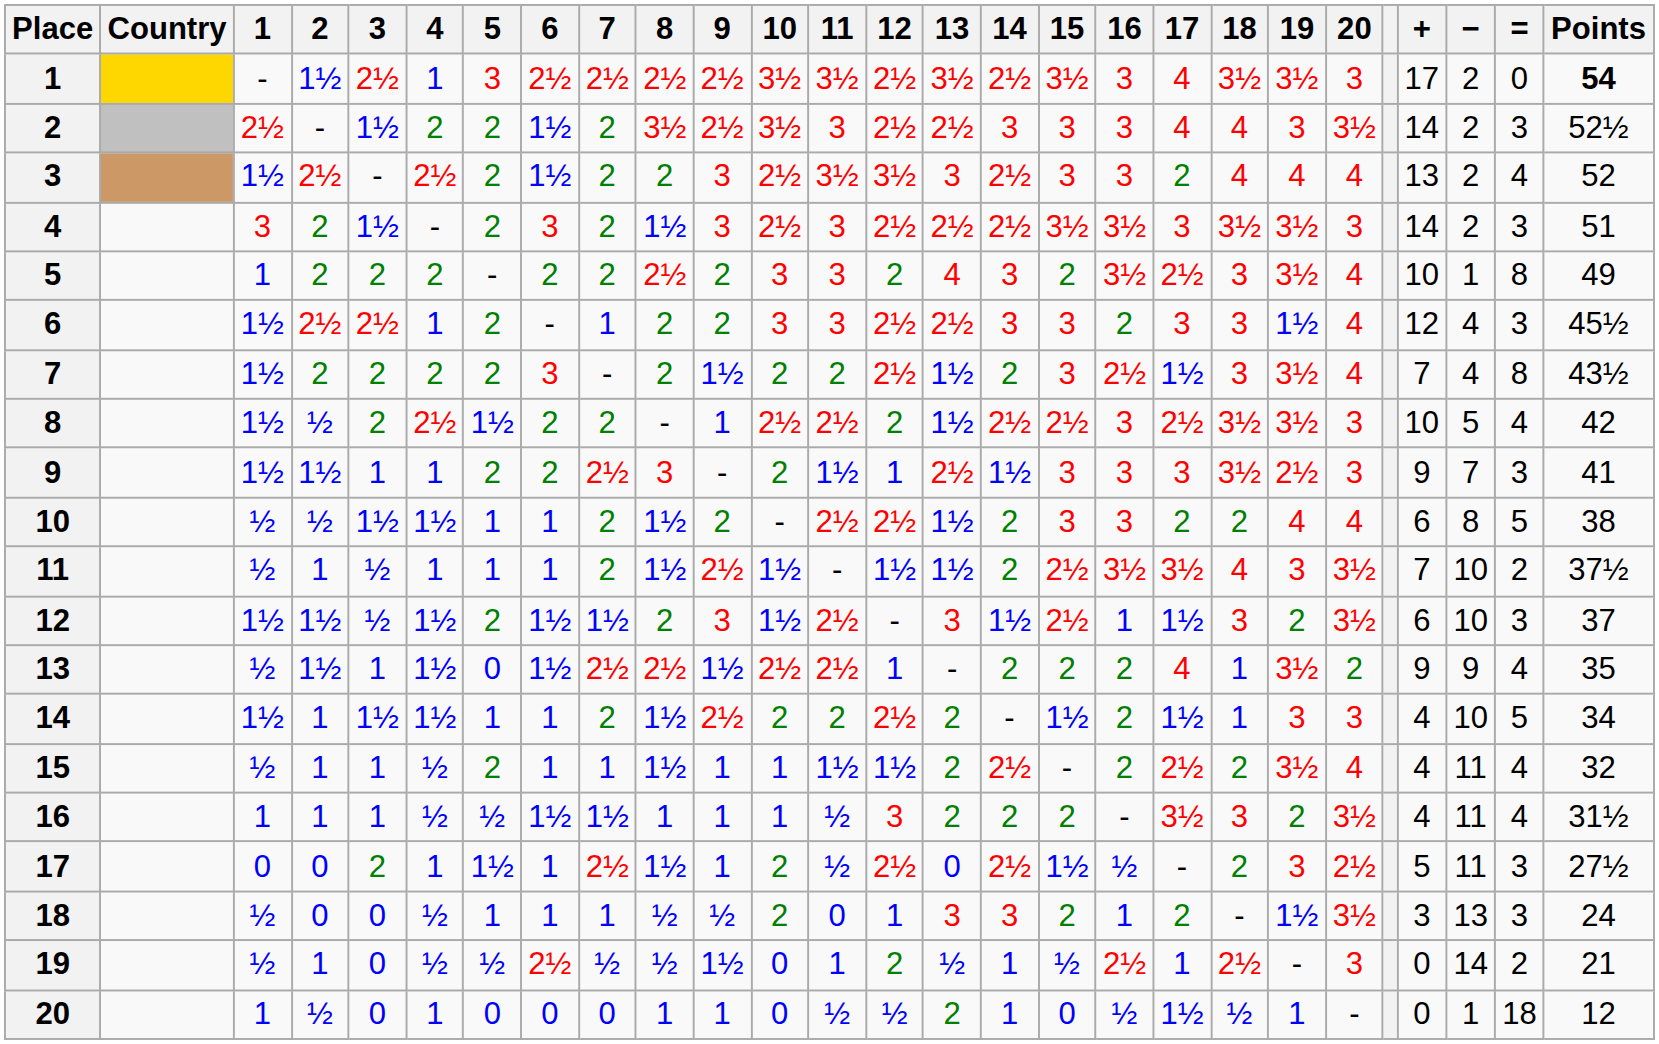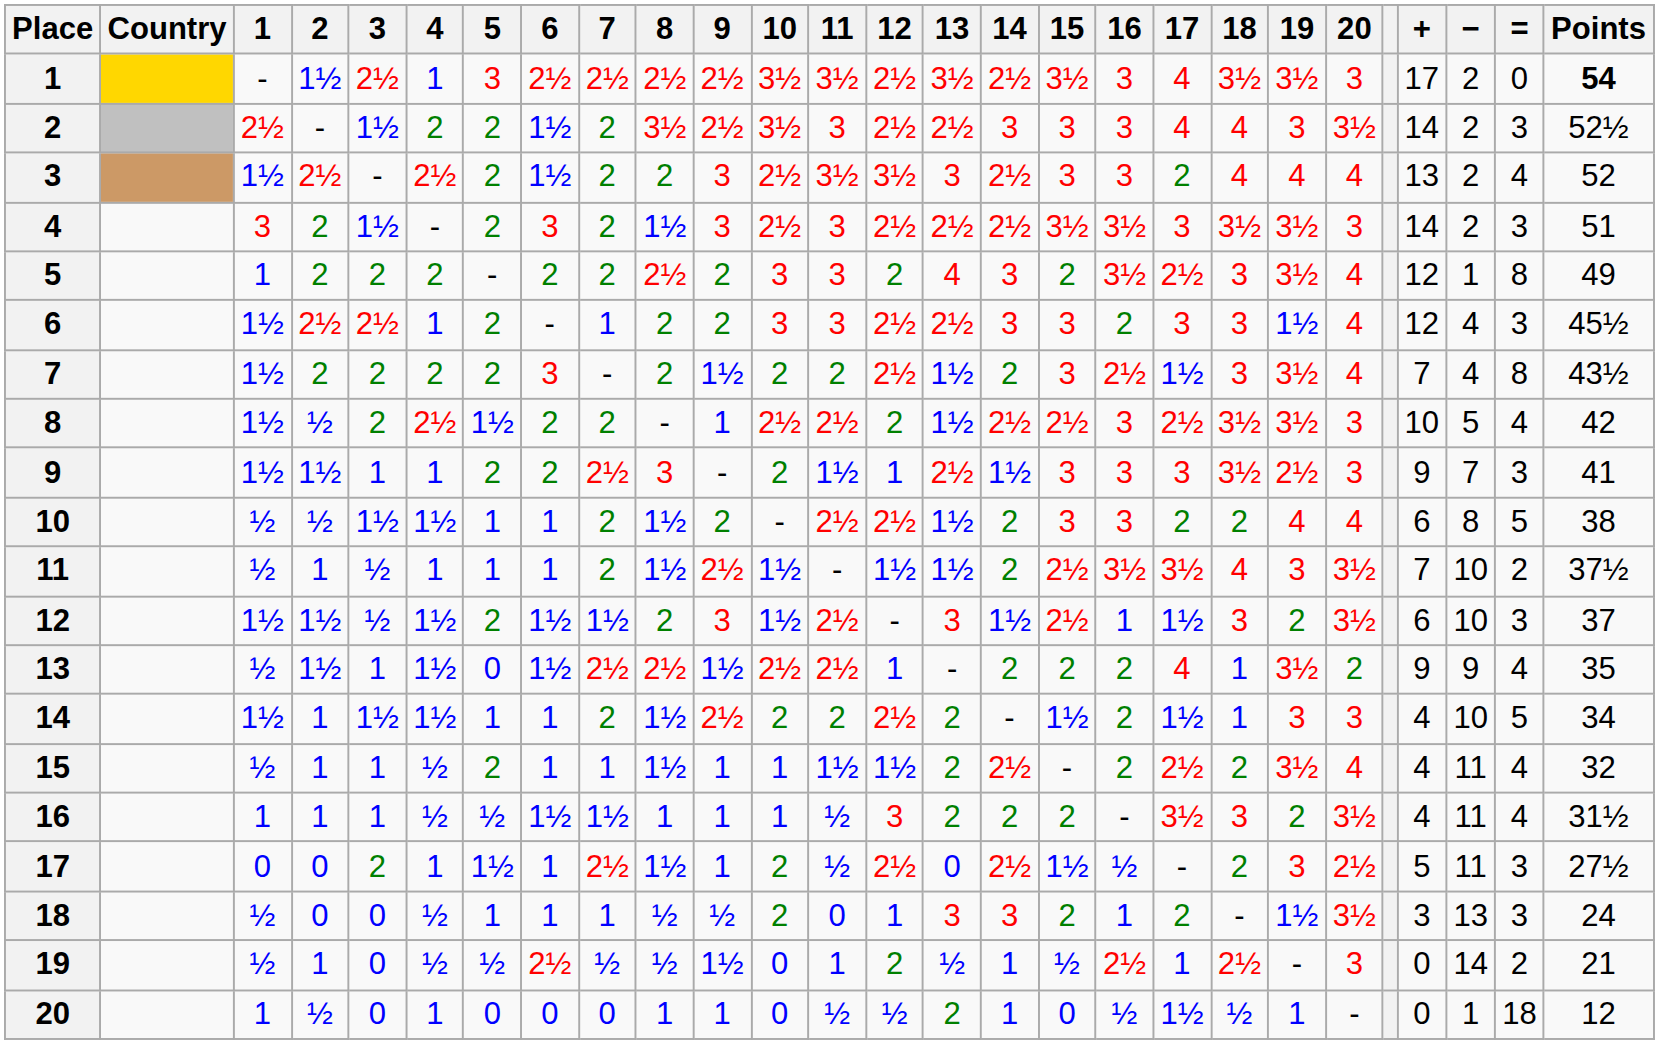 <table class="wikitable" style="text-align:center">
 <tr>
 <th>Place</th>
 <th>Country</th>
 <th>1</th>
 <th>2</th>
 <th>3</th>
 <th>4</th>
 <th>5</th>
 <th>6</th>
 <th>7</th>
 <th>8</th>
 <th>9</th>
 <th>10</th>
 <th>11</th>
 <th>12</th>
 <th>13</th>
 <th>14</th>
 <th>15</th>
 <th>16</th>
 <th>17</th>
 <th>18</th>
 <th>19</th>
 <th>20</th>
 <th></th>
 <th>+</th>
 <th>−</th>
 <th>=</th>
 <th>Points</th>
 </tr>
 <tr>
 <th>1</th>
 <td align=left bgcolor="gold"></td>
 <td>-</td>
 <td style="color: blue;">1½</td>
 <td style="color: red;">2½</td>
 <td style="color: blue;">1</td>
 <td style="color: red;">3</td>
 <td style="color: red;">2½</td>
 <td style="color: red;">2½</td>
 <td style="color: red;">2½</td>
 <td style="color: red;">2½</td>
 <td style="color: red;">3½</td>
 <td style="color: red;">3½</td>
 <td style="color: red;">2½</td>
 <td style="color: red;">3½</td>
 <td style="color: red;">2½</td>
 <td style="color: red;">3½</td>
 <td style="color: red;">3</td>
 <td style="color: red;">4</td>
 <td style="color: red;">3½</td>
 <td style="color: red;">3½</td>
 <td style="color: red;">3</td>
 <th></th>
 <td>17</td>
 <td>2</td>
 <td>0</td>
 <td><strong>54</strong></td>
 </tr>
 <tr>
 <th>2</th>
 <td align=left bgcolor="silver"></td>
 <td style="color: red;">2½</td>
 <td>-</td>
 <td style="color: blue;">1½</td>
 <td style="color: green">2</td>
 <td style="color: green">2</td>
 <td style="color: blue;">1½</td>
 <td style="color: green">2</td>
 <td style="color: red;">3½</td>
 <td style="color: red;">2½</td>
 <td style="color: red;">3½</td>
 <td style="color: red;">3</td>
 <td style="color: red;">2½</td>
 <td style="color: red;">2½</td>
 <td style="color: red;">3</td>
 <td style="color: red;">3</td>
 <td style="color: red;">3</td>
 <td style="color: red;">4</td>
 <td style="color: red;">4</td>
 <td style="color: red;">3</td>
 <td style="color: red;">3½</td>
 <th></th>
 <td>14</td>
 <td>2</td>
 <td>3</td>
 <td>52½</td>
 </tr>
 <tr>
 <th>3</th>
 <td align=left bgcolor="CC9966"></td>
 <td style="color: blue;">1½</td>
 <td style="color: red;">2½</td>
 <td>-</td>
 <td style="color: red;">2½</td>
 <td style="color: green">2</td>
 <td style="color: blue;">1½</td>
 <td style="color: green">2</td>
 <td style="color: green">2</td>
 <td style="color: red;">3</td>
 <td style="color: red;">2½</td>
 <td style="color: red;">3½</td>
 <td style="color: red;">3½</td>
 <td style="color: red;">3</td>
 <td style="color: red;">2½</td>
 <td style="color: red;">3</td>
 <td style="color: red;">3</td>
 <td style="color: green">2</td>
 <td style="color: red;">4</td>
 <td style="color: red;">4</td>
 <td style="color: red;">4</td>
 <th></th>
 <td>13</td>
 <td>2</td>
 <td>4</td>
 <td>52</td>
 </tr>
 <tr>
 <th>4</th>
 <td align=left></td>
 <td style="color: red;">3</td>
 <td style="color: green">2</td>
 <td style="color: blue;">1½</td>
 <td>-</td>
 <td style="color: green">2</td>
 <td style="color: red;">3</td>
 <td style="color: green">2</td>
 <td style="color: blue;">1½</td>
 <td style="color: red;">3</td>
 <td style="color: red;">2½</td>
 <td style="color: red;">3</td>
 <td style="color: red;">2½</td>
 <td style="color: red;">2½</td>
 <td style="color: red;">2½</td>
 <td style="color: red;">3½</td>
 <td style="color: red;">3½</td>
 <td style="color: red;">3</td>
 <td style="color: red;">3½</td>
 <td style="color: red;">3½</td>
 <td style="color: red;">3</td>
 <th></th>
 <td>14</td>
 <td>2</td>
 <td>3</td>
 <td>51</td>
 </tr>
 <tr>
 <th>5</th>
 <td align=left></td>
 <td style="color: blue;">1</td>
 <td style="color: green">2</td>
 <td style="color: green">2</td>
 <td style="color: green">2</td>
 <td>-</td>
 <td style="color: green">2</td>
 <td style="color: green">2</td>
 <td style="color: red;">2½</td>
 <td style="color: green">2</td>
 <td style="color: red;">3</td>
 <td style="color: red;">3</td>
 <td style="color: green">2</td>
 <td style="color: red;">4</td>
 <td style="color: red;">3</td>
 <td style="color: green">2</td>
 <td style="color: red;">3½</td>
 <td style="color: red;">2½</td>
 <td style="color: red;">3</td>
 <td style="color: red;">3½</td>
 <td style="color: red;">4</td>
 <th></th>
-<td>10</td>
+<td>12</td>
 <td>1</td>
 <td>8</td>
 <td>49</td>
 </tr>
 <tr>
 <th>6</th>
 <td align=left></td>
 <td style="color: blue;">1½</td>
 <td style="color: red;">2½</td>
 <td style="color: red;">2½</td>
 <td style="color: blue;">1</td>
 <td style="color: green">2</td>
 <td>-</td>
 <td style="color: blue;">1</td>
 <td style="color: green">2</td>
 <td style="color: green">2</td>
 <td style="color: red;">3</td>
 <td style="color: red;">3</td>
 <td style="color: red;">2½</td>
 <td style="color: red;">2½</td>
 <td style="color: red;">3</td>
 <td style="color: red;">3</td>
 <td style="color: green">2</td>
 <td style="color: red;">3</td>
 <td style="color: red;">3</td>
 <td style="color: blue;">1½</td>
 <td style="color: red;">4</td>
 <th></th>
 <td>12</td>
 <td>4</td>
 <td>3</td>
 <td>45½</td>
 </tr>
 <tr>
 <th>7</th>
 <td align=left></td>
 <td style="color: blue;">1½</td>
 <td style="color: green">2</td>
 <td style="color: green">2</td>
 <td style="color: green">2</td>
 <td style="color: green">2</td>
 <td style="color: red;">3</td>
 <td>-</td>
 <td style="color: green">2</td>
 <td style="color: blue;">1½</td>
 <td style="color: green">2</td>
 <td style="color: green">2</td>
 <td style="color: red;">2½</td>
 <td style="color: blue;">1½</td>
 <td style="color: green">2</td>
 <td style="color: red;">3</td>
 <td style="color: red;">2½</td>
 <td style="color: blue;">1½</td>
 <td style="color: red;">3</td>
 <td style="color: red;">3½</td>
 <td style="color: red;">4</td>
 <th></th>
 <td>7</td>
 <td>4</td>
 <td>8</td>
 <td>43½</td>
 </tr>
 <tr>
 <th>8</th>
 <td align=left></td>
 <td style="color: blue;">1½</td>
 <td style="color: blue;">½</td>
 <td style="color: green">2</td>
 <td style="color: red;">2½</td>
 <td style="color: blue;">1½</td>
 <td style="color: green">2</td>
 <td style="color: green">2</td>
 <td>-</td>
 <td style="color: blue;">1</td>
 <td style="color: red;">2½</td>
 <td style="color: red;">2½</td>
 <td style="color: green">2</td>
 <td style="color: blue;">1½</td>
 <td style="color: red;">2½</td>
 <td style="color: red;">2½</td>
 <td style="color: red;">3</td>
 <td style="color: red;">2½</td>
 <td style="color: red;">3½</td>
 <td style="color: red;">3½</td>
 <td style="color: red;">3</td>
 <th></th>
 <td>10</td>
 <td>5</td>
 <td>4</td>
 <td>42</td>
 </tr>
 <tr>
 <th>9</th>
 <td align=left></td>
 <td style="color: blue;">1½</td>
 <td style="color: blue;">1½</td>
 <td style="color: blue;">1</td>
 <td style="color: blue;">1</td>
 <td style="color: green">2</td>
 <td style="color: green">2</td>
 <td style="color: red;">2½</td>
 <td style="color: red;">3</td>
 <td>-</td>
 <td style="color: green">2</td>
 <td style="color: blue;">1½</td>
 <td style="color: blue;">1</td>
 <td style="color: red;">2½</td>
 <td style="color: blue;">1½</td>
 <td style="color: red;">3</td>
 <td style="color: red;">3</td>
 <td style="color: red;">3</td>
 <td style="color: red;">3½</td>
 <td style="color: red;">2½</td>
 <td style="color: red;">3</td>
 <th></th>
 <td>9</td>
 <td>7</td>
 <td>3</td>
 <td>41</td>
 </tr>
 <tr>
 <th>10</th>
 <td align=left></td>
 <td style="color: blue;">½</td>
 <td style="color: blue;">½</td>
 <td style="color: blue;">1½</td>
 <td style="color: blue;">1½</td>
 <td style="color: blue;">1</td>
 <td style="color: blue;">1</td>
 <td style="color: green">2</td>
 <td style="color: blue;">1½</td>
 <td style="color: green">2</td>
 <td>-</td>
 <td style="color: red;">2½</td>
 <td style="color: red;">2½</td>
 <td style="color: blue;">1½</td>
 <td style="color: green">2</td>
 <td style="color: red;">3</td>
 <td style="color: red;">3</td>
 <td style="color: green">2</td>
 <td style="color: green">2</td>
 <td style="color: red;">4</td>
 <td style="color: red;">4</td>
 <th></th>
 <td>6</td>
 <td>8</td>
 <td>5</td>
 <td>38</td>
 </tr>
 <tr>
 <th>11</th>
 <td align=left></td>
 <td style="color: blue;">½</td>
 <td style="color: blue;">1</td>
 <td style="color: blue;">½</td>
 <td style="color: blue;">1</td>
 <td style="color: blue;">1</td>
 <td style="color: blue;">1</td>
 <td style="color: green">2</td>
 <td style="color: blue;">1½</td>
 <td style="color: red;">2½</td>
 <td style="color: blue;">1½</td>
 <td>-</td>
 <td style="color: blue;">1½</td>
 <td style="color: blue;">1½</td>
 <td style="color: green">2</td>
 <td style="color: red;">2½</td>
 <td style="color: red;">3½</td>
 <td style="color: red;">3½</td>
 <td style="color: red;">4</td>
 <td style="color: red;">3</td>
 <td style="color: red;">3½</td>
 <th></th>
 <td>7</td>
 <td>10</td>
 <td>2</td>
 <td>37½</td>
 </tr>
 <tr>
 <th>12</th>
 <td align=left></td>
 <td style="color: blue;">1½</td>
 <td style="color: blue;">1½</td>
 <td style="color: blue;">½</td>
 <td style="color: blue;">1½</td>
 <td style="color: green">2</td>
 <td style="color: blue;">1½</td>
 <td style="color: blue;">1½</td>
 <td style="color: green">2</td>
 <td style="color: red;">3</td>
 <td style="color: blue;">1½</td>
 <td style="color: red;">2½</td>
 <td>-</td>
 <td style="color: red;">3</td>
 <td style="color: blue;">1½</td>
 <td style="color: red;">2½</td>
 <td style="color: blue;">1</td>
 <td style="color: blue;">1½</td>
 <td style="color: red;">3</td>
 <td style="color: green">2</td>
 <td style="color: red;">3½</td>
 <th></th>
 <td>6</td>
 <td>10</td>
 <td>3</td>
 <td>37</td>
 </tr>
 <tr>
 <th>13</th>
 <td align=left></td>
 <td style="color: blue;">½</td>
 <td style="color: blue;">1½</td>
 <td style="color: blue;">1</td>
 <td style="color: blue;">1½</td>
 <td style="color: blue;">0</td>
 <td style="color: blue;">1½</td>
 <td style="color: red;">2½</td>
 <td style="color: red;">2½</td>
 <td style="color: blue;">1½</td>
 <td style="color: red;">2½</td>
 <td style="color: red;">2½</td>
 <td style="color: blue;">1</td>
 <td>-</td>
 <td style="color: green">2</td>
 <td style="color: green">2</td>
 <td style="color: green">2</td>
 <td style="color: red;">4</td>
 <td style="color: blue;">1</td>
 <td style="color: red;">3½</td>
 <td style="color: green">2</td>
 <th></th>
 <td>9</td>
 <td>9</td>
 <td>4</td>
 <td>35</td>
 </tr>
 <tr>
 <th>14</th>
 <td align=left></td>
 <td style="color: blue;">1½</td>
 <td style="color: blue;">1</td>
 <td style="color: blue;">1½</td>
 <td style="color: blue;">1½</td>
 <td style="color: blue;">1</td>
 <td style="color: blue;">1</td>
 <td style="color: green">2</td>
 <td style="color: blue;">1½</td>
 <td style="color: red;">2½</td>
 <td style="color: green">2</td>
 <td style="color: green">2</td>
 <td style="color: red;">2½</td>
 <td style="color: green">2</td>
 <td>-</td>
 <td style="color: blue;">1½</td>
 <td style="color: green">2</td>
 <td style="color: blue;">1½</td>
 <td style="color: blue;">1</td>
 <td style="color: red;">3</td>
 <td style="color: red;">3</td>
 <th></th>
 <td>4</td>
 <td>10</td>
 <td>5</td>
 <td>34</td>
 </tr>
 <tr>
 <th>15</th>
 <td align=left></td>
 <td style="color: blue;">½</td>
 <td style="color: blue;">1</td>
 <td style="color: blue;">1</td>
 <td style="color: blue;">½</td>
 <td style="color: green">2</td>
 <td style="color: blue;">1</td>
 <td style="color: blue;">1</td>
 <td style="color: blue;">1½</td>
 <td style="color: blue;">1</td>
 <td style="color: blue;">1</td>
 <td style="color: blue;">1½</td>
 <td style="color: blue;">1½</td>
 <td style="color: green">2</td>
 <td style="color: red;">2½</td>
 <td>-</td>
 <td style="color: green">2</td>
 <td style="color: red;">2½</td>
 <td style="color: green">2</td>
 <td style="color: red;">3½</td>
 <td style="color: red;">4</td>
 <th></th>
 <td>4</td>
 <td>11</td>
 <td>4</td>
 <td>32</td>
 </tr>
 <tr>
 <th>16</th>
 <td align=left></td>
 <td style="color: blue;">1</td>
 <td style="color: blue;">1</td>
 <td style="color: blue;">1</td>
 <td style="color: blue;">½</td>
 <td style="color: blue;">½</td>
 <td style="color: blue;">1½</td>
 <td style="color: blue;">1½</td>
 <td style="color: blue;">1</td>
 <td style="color: blue;">1</td>
 <td style="color: blue;">1</td>
 <td style="color: blue;">½</td>
 <td style="color: red;">3</td>
 <td style="color: green">2</td>
 <td style="color: green">2</td>
 <td style="color: green">2</td>
 <td>-</td>
 <td style="color: red;">3½</td>
 <td style="color: red;">3</td>
 <td style="color: green">2</td>
 <td style="color: red;">3½</td>
 <th></th>
 <td>4</td>
 <td>11</td>
 <td>4</td>
 <td>31½</td>
 </tr>
 <tr>
 <th>17</th>
 <td align=left></td>
 <td style="color: blue;">0</td>
 <td style="color: blue;">0</td>
 <td style="color: green">2</td>
 <td style="color: blue;">1</td>
 <td style="color: blue;">1½</td>
 <td style="color: blue;">1</td>
 <td style="color: red;">2½</td>
 <td style="color: blue;">1½</td>
 <td style="color: blue;">1</td>
 <td style="color: green">2</td>
 <td style="color: blue;">½</td>
 <td style="color: red;">2½</td>
 <td style="color: blue;">0</td>
 <td style="color: red;">2½</td>
 <td style="color: blue;">1½</td>
 <td style="color: blue;">½</td>
 <td>-</td>
 <td style="color: green">2</td>
 <td style="color: red;">3</td>
 <td style="color: red;">2½</td>
 <th></th>
 <td>5</td>
 <td>11</td>
 <td>3</td>
 <td>27½</td>
 </tr>
 <tr>
 <th>18</th>
 <td align=left></td>
 <td style="color: blue;">½</td>
 <td style="color: blue;">0</td>
 <td style="color: blue;">0</td>
 <td style="color: blue;">½</td>
 <td style="color: blue;">1</td>
 <td style="color: blue;">1</td>
 <td style="color: blue;">1</td>
 <td style="color: blue;">½</td>
 <td style="color: blue;">½</td>
 <td style="color: green">2</td>
 <td style="color: blue;">0</td>
 <td style="color: blue;">1</td>
 <td style="color: red;">3</td>
 <td style="color: red;">3</td>
 <td style="color: green">2</td>
 <td style="color: blue;">1</td>
 <td style="color: green">2</td>
 <td>-</td>
 <td style="color: blue;">1½</td>
 <td style="color: red;">3½</td>
 <th></th>
 <td>3</td>
 <td>13</td>
 <td>3</td>
 <td>24</td>
 </tr>
 <tr>
 <th>19</th>
 <td align=left></td>
 <td style="color: blue;">½</td>
 <td style="color: blue;">1</td>
 <td style="color: blue;">0</td>
 <td style="color: blue;">½</td>
 <td style="color: blue;">½</td>
 <td style="color: red;">2½</td>
 <td style="color: blue;">½</td>
 <td style="color: blue;">½</td>
 <td style="color: blue;">1½</td>
 <td style="color: blue;">0</td>
 <td style="color: blue;">1</td>
 <td style="color: green">2</td>
 <td style="color: blue;">½</td>
 <td style="color: blue;">1</td>
 <td style="color: blue;">½</td>
 <td style="color: red;">2½</td>
 <td style="color: blue;">1</td>
 <td style="color: red;">2½</td>
 <td>-</td>
 <td style="color: red;">3</td>
 <th></th>
 <td>0</td>
 <td>14</td>
 <td>2</td>
 <td>21</td>
 </tr>
 <tr>
 <th>20</th>
 <td align=left></td>
 <td style="color: blue;">1</td>
 <td style="color: blue;">½</td>
 <td style="color: blue;">0</td>
 <td style="color: blue;">1</td>
 <td style="color: blue;">0</td>
 <td style="color: blue;">0</td>
 <td style="color: blue;">0</td>
 <td style="color: blue;">1</td>
 <td style="color: blue;">1</td>
 <td style="color: blue;">0</td>
 <td style="color: blue;">½</td>
 <td style="color: blue;">½</td>
 <td style="color: green">2</td>
 <td style="color: blue;">1</td>
 <td style="color: blue;">0</td>
 <td style="color: blue;">½</td>
 <td style="color: blue;">1½</td>
 <td style="color: blue;">½</td>
 <td style="color: blue;">1</td>
 <td>-</td>
 <th></th>
 <td>0</td>
 <td>1</td>
 <td>18</td>
 <td>12</td>
 </tr>
 </table>
